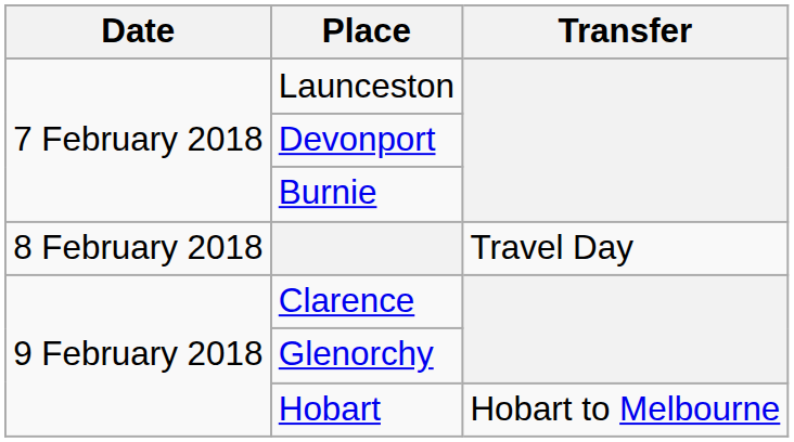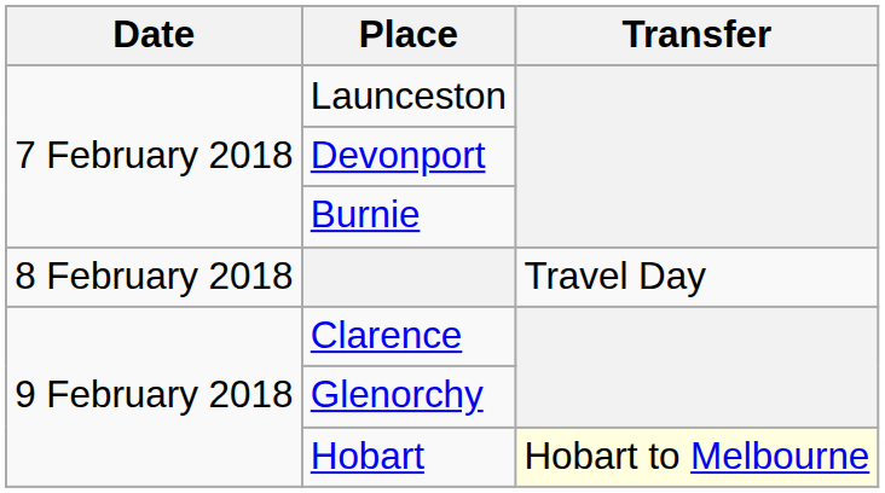 <table class="wikitable">
 <tr>
 <th>Date</th>
 <th>Place</th>
 <th>Transfer</th>
 </tr>
 <tr>
 <td rowspan="3">7 February 2018</td>
 <td>Launceston</td>
 <th rowspan="3"></th>
 </tr>
 <tr>
 <td><a href='#'>Devonport</a></td>
 </tr>
 <tr>
 <td><a href='#'>Burnie</a></td>
 </tr>
 <tr>
 <td>8 February 2018</td>
 <th></th>
 <td>Travel Day</td>
 </tr>
 <tr>
 <td rowspan="3">9 February 2018</td>
 <td><a href='#'>Clarence</a></td>
 <th rowspan="2"></th>
 </tr>
 <tr>
 <td><a href='#'>Glenorchy</a></td>
 </tr>
 <tr>
 <td><a href='#'>Hobart</a></td>
-<td>Hobart to <a href='#'>Melbourne</a></td>
+<td style="background: lightyellow;">Hobart to <a href='#'>Melbourne</a></td>
 </tr>
 </table>
